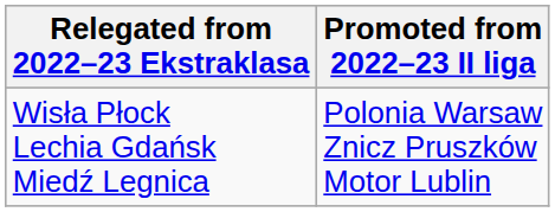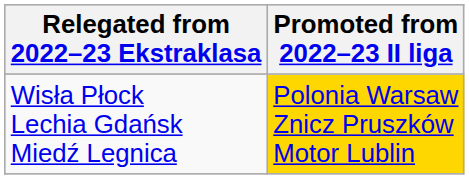 <table class="wikitable">
 <tr>
 <th>Relegated from<br><a href='#'>2022–23 Ekstraklasa</a></th>
 <th>Promoted from<br><a href='#'>2022–23 II liga</a></th>
 </tr>
 <tr>
 <td> <a href='#'>Wisła Płock</a> <br> <a href='#'>Lechia Gdańsk</a><br> <a href='#'>Miedź Legnica</a></td>
-<td> <a href='#'>Polonia Warsaw</a><br> <a href='#'>Znicz Pruszków</a><br> <a href='#'>Motor Lublin</a></td>
+<td style="background: gold;"> <a href='#'>Polonia Warsaw</a><br> <a href='#'>Znicz Pruszków</a><br> <a href='#'>Motor Lublin</a></td>
 </tr>
 </table>
